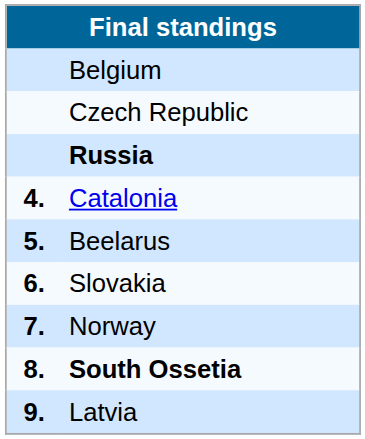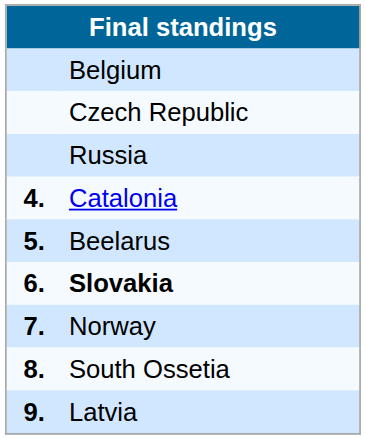 <table align=center cellpadding="4" cellspacing="0" style="background: #f9f9f9; border: 1px #aaa solid; border-collapse: collapse; font-size: 90%;" width=200>
 <tr align=center bgcolor=#006699 style="color:white;">
 <th width=100% colspan=2>Final standings</th>
 </tr>
 <tr align=center bgcolor=#D0E7FF>
 <td></td>
 <td align=left> Belgium</td>
 </tr>
 <tr align=center bgcolor=#f5faff>
 <td></td>
 <td align=left> Czech Republic</td>
 </tr>
 <tr align=center bgcolor=#D0E7FF>
 <td></td>
-<td align=left><strong> Russia</strong></td>
+<td align=left> Russia</td>
 </tr>
 <tr align=center bgcolor=#f5faff>
 <td><strong>4.</strong></td>
 <td align=left> <a href='#'>Catalonia</a></td>
 </tr>
 <tr align=center bgcolor=#D0E7FF>
 <td><strong>5.</strong></td>
 <td align=left> Beelarus</td>
 </tr>
 <tr align=center bgcolor=#f5faff>
 <td><strong>6.</strong></td>
-<td align=left> Slovakia</td>
+<td align=left><strong> Slovakia</strong></td>
 </tr>
 <tr align=center bgcolor=#D0E7FF>
 <td><strong>7.</strong></td>
 <td align=left> Norway</td>
 </tr>
 <tr align=center bgcolor=#f5faff>
 <td><strong>8.</strong></td>
-<td align=left><strong> South Ossetia</strong></td>
+<td align=left> South Ossetia</td>
 </tr>
 <tr align=center bgcolor=#D0E7FF>
 <td><strong>9.</strong></td>
 <td align=left> Latvia</td>
 </tr>
 </table>
